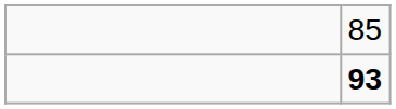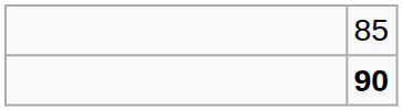 <table class="wikitable" style="font-size:90%">
 <tr>
 <td width=150></td>
 <td align=center>85</td>
 </tr>
 <tr>
 <td><strong></strong></td>
-<td align=center><strong>93</strong></td>
+<td align=center><strong>90</strong></td>
 </tr>
 </table>
